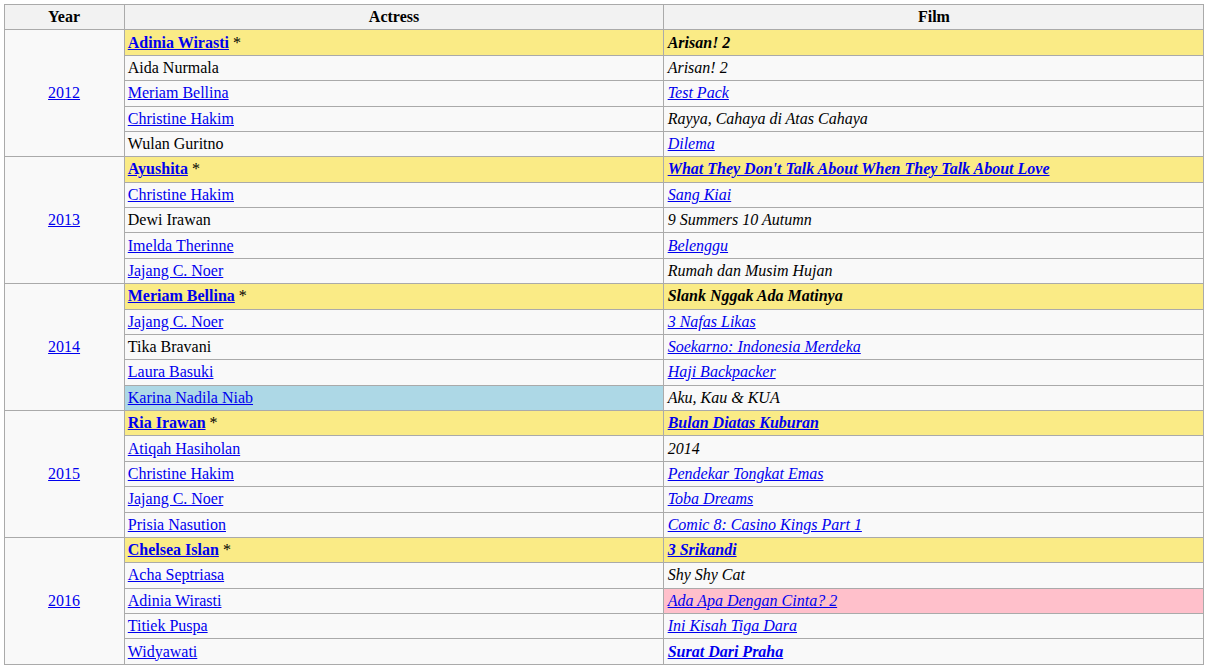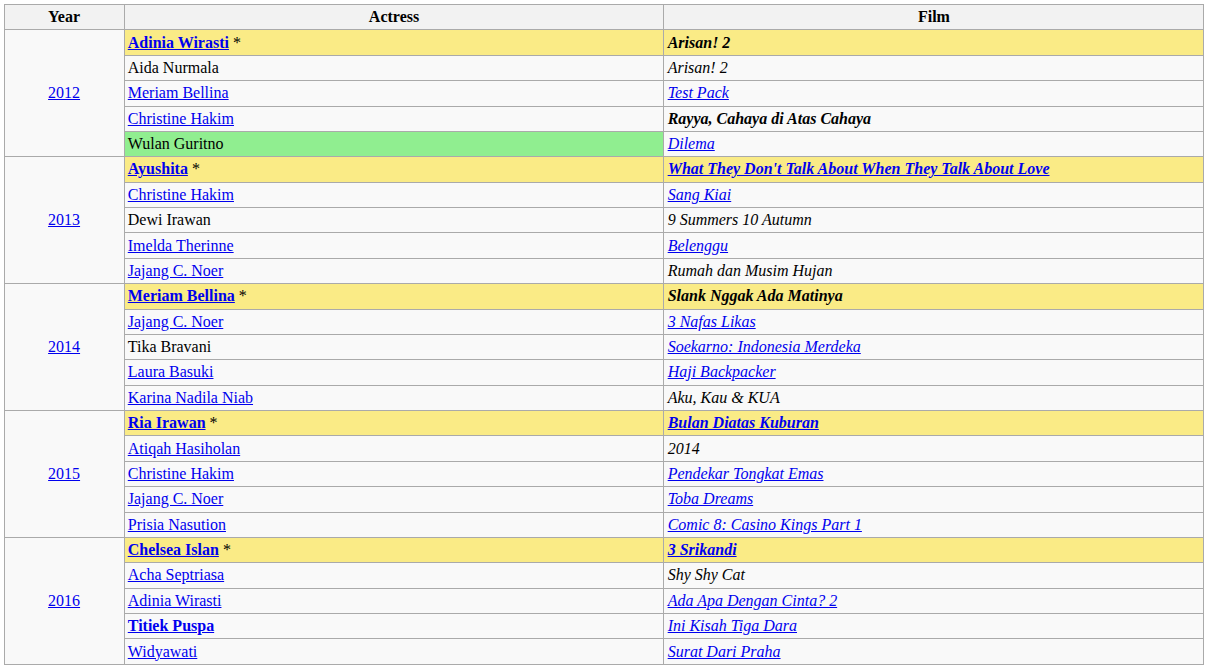 <table class="wikitable" style="width:95%; margin:auto;">
 <tr>
 <th style="width:10%;">Year</th>
 <th style="width:45%;">Actress</th>
 <th style="width:45%;">Film</th>
 </tr>
 <tr>
 <td rowspan="5" style="text-align:center;"><a href='#'>2012</a></td>
 <td style="background:#FAEB86; text-align:left;"><strong><a href='#'>Adinia Wirasti</a></strong> *</td>
 <td style="background:#FAEB86;"><strong><em>Arisan! 2</em></strong></td>
 </tr>
 <tr>
 <td style="text-align:left;">Aida Nurmala</td>
 <td><em>Arisan! 2</em></td>
 </tr>
 <tr>
 <td style="text-align:left;"><a href='#'>Meriam Bellina</a></td>
 <td><em><a href='#'>Test Pack</a></em></td>
 </tr>
 <tr>
 <td style="text-align:left;"><a href='#'>Christine Hakim</a></td>
-<td><em>Rayya, Cahaya di Atas Cahaya</em></td>
+<td><strong><em>Rayya, Cahaya di Atas Cahaya</em></strong></td>
 </tr>
 <tr>
-<td style="text-align:left;">Wulan Guritno</td>
+<td style="background: lightgreen; text-align:left;">Wulan Guritno</td>
 <td><em><a href='#'>Dilema</a></em></td>
 </tr>
 <tr>
 <td rowspan="5" style="text-align:center;"><a href='#'>2013</a></td>
 <td style="background:#FAEB86; text-align:left;"><strong><a href='#'>Ayushita</a></strong> *</td>
 <td style="background:#FAEB86;"><strong><em><a href='#'>What They Don't Talk About When They Talk About Love</a></em></strong></td>
 </tr>
 <tr>
 <td style="text-align:left;"><a href='#'>Christine Hakim</a></td>
 <td><em><a href='#'>Sang Kiai</a></em></td>
 </tr>
 <tr>
 <td style="text-align:left;">Dewi Irawan</td>
 <td><em>9 Summers 10 Autumn</em></td>
 </tr>
 <tr>
 <td style="text-align:left;"><a href='#'>Imelda Therinne</a></td>
 <td><em><a href='#'>Belenggu</a></em></td>
 </tr>
 <tr>
 <td style="text-align:left;"><a href='#'>Jajang C. Noer</a></td>
 <td><em>Rumah dan Musim Hujan</em></td>
 </tr>
 <tr>
 <td rowspan="5" style="text-align:center;"><a href='#'>2014</a></td>
 <td style="background:#FAEB86; text-align:left;"><strong><a href='#'>Meriam Bellina</a></strong> *</td>
 <td style="background:#FAEB86;"><strong><em>Slank Nggak Ada Matinya</em></strong></td>
 </tr>
 <tr>
 <td style="text-align:left;"><a href='#'>Jajang C. Noer</a></td>
 <td><em><a href='#'>3 Nafas Likas</a></em></td>
 </tr>
 <tr>
 <td style="text-align:left;">Tika Bravani</td>
 <td><em><a href='#'>Soekarno: Indonesia Merdeka</a></em></td>
 </tr>
 <tr>
 <td style="text-align:left;"><a href='#'>Laura Basuki</a></td>
 <td><em><a href='#'>Haji Backpacker</a></em></td>
 </tr>
 <tr>
-<td style="background: lightblue; text-align:left;"><a href='#'>Karina Nadila Niab</a></td>
+<td style="text-align:left;"><a href='#'>Karina Nadila Niab</a></td>
 <td><em>Aku, Kau & KUA</em></td>
 </tr>
 <tr>
 <td rowspan="5" style="text-align:center;"><a href='#'>2015</a></td>
 <td style="background:#FAEB86; text-align:left;"><strong><a href='#'>Ria Irawan</a></strong> *</td>
 <td style="background:#FAEB86;"><strong><em><a href='#'>Bulan Diatas Kuburan</a></em></strong></td>
 </tr>
 <tr>
 <td style="text-align:left;"><a href='#'>Atiqah Hasiholan</a></td>
 <td><em>2014</em></td>
 </tr>
 <tr>
 <td style="text-align:left;"><a href='#'>Christine Hakim</a></td>
 <td><em><a href='#'>Pendekar Tongkat Emas</a></em></td>
 </tr>
 <tr>
 <td style="text-align:left;"><a href='#'>Jajang C. Noer</a></td>
 <td><em><a href='#'>Toba Dreams</a></em></td>
 </tr>
 <tr>
 <td style="text-align:left;"><a href='#'>Prisia Nasution</a></td>
 <td><em><a href='#'>Comic 8: Casino Kings Part 1</a></em></td>
 </tr>
 <tr>
 <td rowspan="5" style="text-align:center;"><a href='#'>2016</a></td>
 <td style="background:#FAEB86; text-align:left;"><strong><a href='#'>Chelsea Islan</a></strong> *</td>
 <td style="background:#FAEB86;"><strong><em><a href='#'>3 Srikandi</a></em></strong></td>
 </tr>
 <tr>
 <td style="text-align:left;"><a href='#'>Acha Septriasa</a></td>
 <td><em>Shy Shy Cat</em></td>
 </tr>
 <tr>
 <td style="text-align:left;"><a href='#'>Adinia Wirasti</a></td>
-<td style="background: pink;"><em><a href='#'>Ada Apa Dengan Cinta? 2</a></em></td>
+<td><em><a href='#'>Ada Apa Dengan Cinta? 2</a></em></td>
 </tr>
 <tr>
-<td style="text-align:left;"><a href='#'>Titiek Puspa</a></td>
+<td style="text-align:left;"><strong><a href='#'>Titiek Puspa</a></strong></td>
 <td><em><a href='#'>Ini Kisah Tiga Dara</a></em></td>
 </tr>
 <tr>
 <td style="text-align:left;"><a href='#'>Widyawati</a></td>
-<td><strong><em><a href='#'>Surat Dari Praha</a></em></strong></td>
+<td><em><a href='#'>Surat Dari Praha</a></em></td>
 </tr>
 </table>
